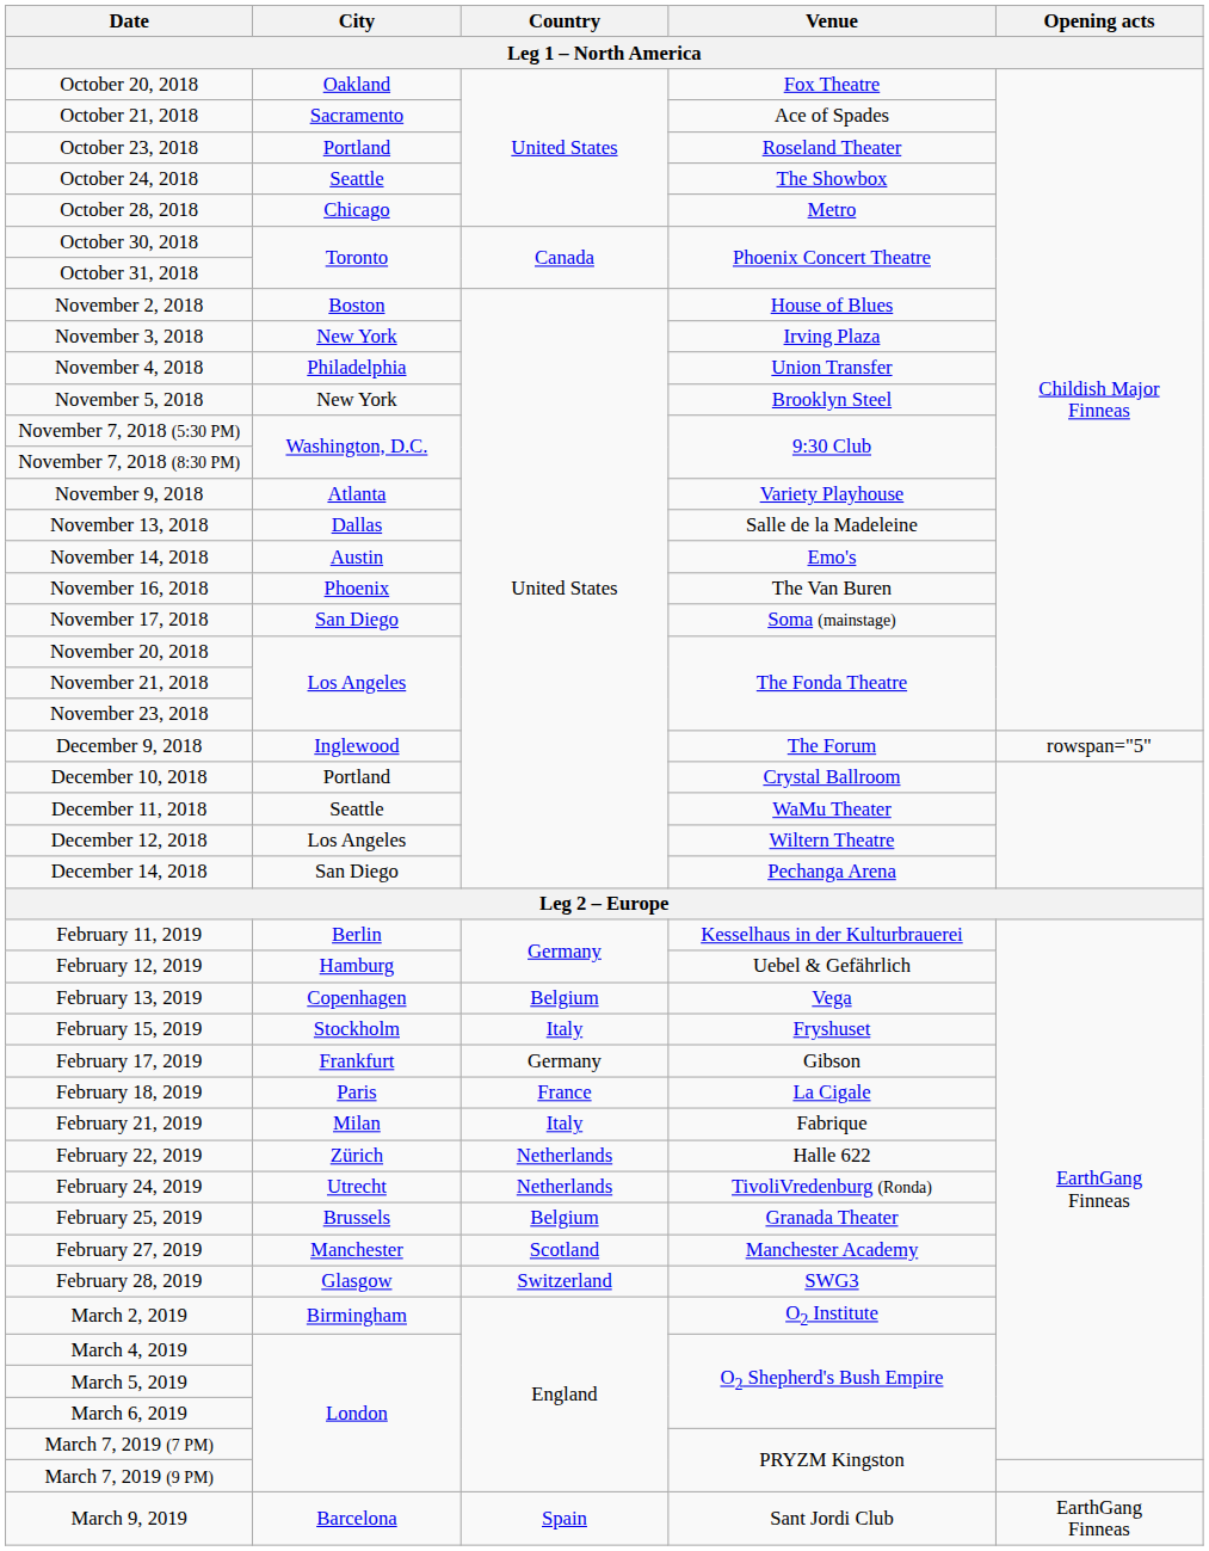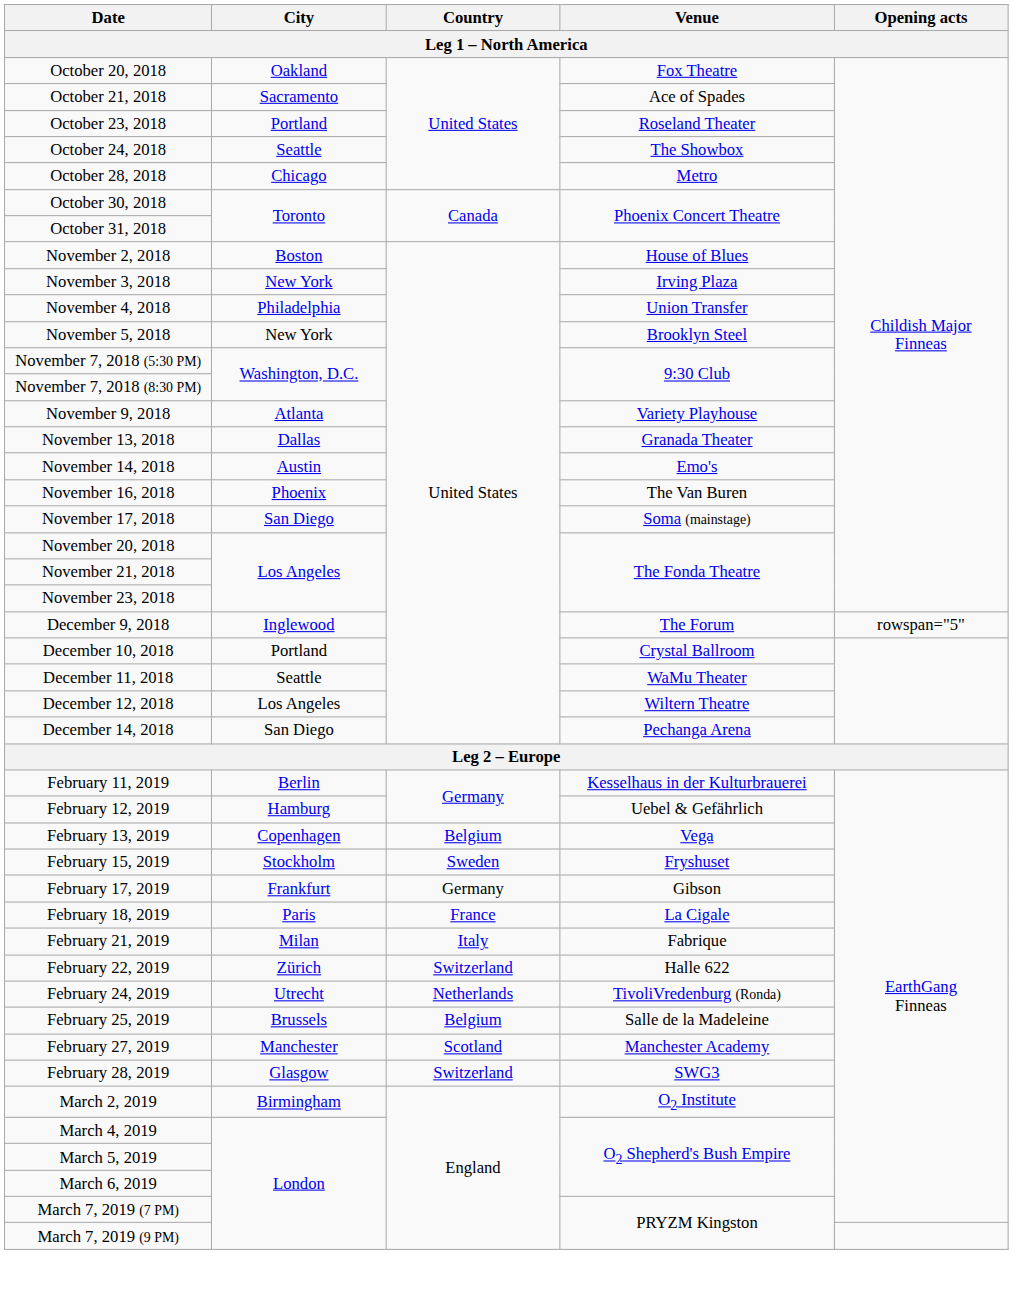 <table class="wikitable plainrowheaders" style="text-align:center;">
 <tr>
 <th scope="col" style="width:12em;">Date</th>
 <th scope="col" style="width:10em;">City</th>
 <th scope="col" style="width:10em;">Country</th>
 <th scope="col" style="width:16em;">Venue</th>
 <th scope="col" style="width:10em;">Opening acts</th>
 </tr>
 <tr>
 <th colspan="5">Leg 1 – North America</th>
 </tr>
 <tr>
 <td>October 20, 2018</td>
 <td><a href='#'>Oakland</a></td>
 <td rowspan="5"><a href='#'>United States</a></td>
 <td><a href='#'>Fox Theatre</a></td>
 <td rowspan="21"><a href='#'>Childish Major</a><br><a href='#'>Finneas</a></td>
 </tr>
 <tr>
 <td>October 21, 2018</td>
 <td><a href='#'>Sacramento</a></td>
 <td>Ace of Spades</td>
 </tr>
 <tr>
 <td>October 23, 2018</td>
 <td><a href='#'>Portland</a></td>
 <td><a href='#'>Roseland Theater</a></td>
 </tr>
 <tr>
 <td>October 24, 2018</td>
 <td><a href='#'>Seattle</a></td>
 <td><a href='#'>The Showbox</a></td>
 </tr>
 <tr>
 <td>October 28, 2018</td>
 <td><a href='#'>Chicago</a></td>
 <td><a href='#'>Metro</a></td>
 </tr>
 <tr>
 <td>October 30, 2018</td>
 <td rowspan="2"><a href='#'>Toronto</a></td>
 <td rowspan="2"><a href='#'>Canada</a></td>
 <td rowspan="2"><a href='#'>Phoenix Concert Theatre</a></td>
 </tr>
 <tr>
 <td>October 31, 2018</td>
 </tr>
 <tr>
 <td>November 2, 2018</td>
 <td><a href='#'>Boston</a></td>
 <td rowspan="19">United States</td>
 <td><a href='#'>House of Blues</a></td>
 </tr>
 <tr>
 <td>November 3, 2018</td>
 <td><a href='#'>New York</a></td>
 <td><a href='#'>Irving Plaza</a></td>
 </tr>
 <tr>
 <td>November 4, 2018</td>
 <td><a href='#'>Philadelphia</a></td>
 <td><a href='#'>Union Transfer</a></td>
 </tr>
 <tr>
 <td>November 5, 2018</td>
 <td>New York</td>
 <td><a href='#'>Brooklyn Steel</a></td>
 </tr>
 <tr>
 <td>November 7, 2018 <small>(5:30 PM)</small></td>
 <td rowspan="2"><a href='#'>Washington, D.C.</a></td>
 <td rowspan="2"><a href='#'>9:30 Club</a></td>
 </tr>
 <tr>
 <td>November 7, 2018 <small>(8:30 PM)</small></td>
 </tr>
 <tr>
 <td>November 9, 2018</td>
 <td><a href='#'>Atlanta</a></td>
 <td><a href='#'>Variety Playhouse</a></td>
 </tr>
 <tr>
 <td>November 13, 2018</td>
 <td><a href='#'>Dallas</a></td>
-<td>Salle de la Madeleine</td>
+<td><a href='#'>Granada Theater</a></td>
 </tr>
 <tr>
 <td>November 14, 2018</td>
 <td><a href='#'>Austin</a></td>
 <td><a href='#'>Emo's</a></td>
 </tr>
 <tr>
 <td>November 16, 2018</td>
 <td><a href='#'>Phoenix</a></td>
 <td>The Van Buren</td>
 </tr>
 <tr>
 <td>November 17, 2018</td>
 <td><a href='#'>San Diego</a></td>
 <td><a href='#'>Soma</a> <small>(mainstage)</small></td>
 </tr>
 <tr>
 <td>November 20, 2018</td>
 <td rowspan="3"><a href='#'>Los Angeles</a></td>
 <td rowspan="3"><a href='#'>The Fonda Theatre</a></td>
 </tr>
 <tr>
 <td>November 21, 2018</td>
 </tr>
 <tr>
 <td>November 23, 2018</td>
 </tr>
 <tr>
 <td>December 9, 2018</td>
 <td><a href='#'>Inglewood</a></td>
 <td><a href='#'>The Forum</a></td>
 <td>rowspan="5" </td>
 </tr>
 <tr>
 <td>December 10, 2018</td>
 <td>Portland</td>
 <td><a href='#'>Crystal Ballroom</a></td>
 </tr>
 <tr>
 <td>December 11, 2018</td>
 <td>Seattle</td>
 <td><a href='#'>WaMu Theater</a></td>
 </tr>
 <tr>
 <td>December 12, 2018</td>
 <td>Los Angeles</td>
 <td><a href='#'>Wiltern Theatre</a></td>
 </tr>
 <tr>
 <td>December 14, 2018</td>
 <td>San Diego</td>
 <td><a href='#'>Pechanga Arena</a></td>
 </tr>
 <tr>
 <th colspan="5">Leg 2 – Europe</th>
 </tr>
 <tr>
 <td>February 11, 2019</td>
 <td><a href='#'>Berlin</a></td>
 <td rowspan="2"><a href='#'>Germany</a></td>
 <td><a href='#'>Kesselhaus in der Kulturbrauerei</a></td>
 <td rowspan="17"><a href='#'>EarthGang</a><br>Finneas</td>
 </tr>
 <tr>
 <td>February 12, 2019</td>
 <td><a href='#'>Hamburg</a></td>
 <td>Uebel & Gefährlich</td>
 </tr>
 <tr>
 <td>February 13, 2019</td>
 <td><a href='#'>Copenhagen</a></td>
 <td><a href='#'>Belgium</a></td>
 <td><a href='#'>Vega</a></td>
 </tr>
 <tr>
 <td>February 15, 2019</td>
 <td><a href='#'>Stockholm</a></td>
-<td><a href='#'>Italy</a></td>
+<td><a href='#'>Sweden</a></td>
 <td><a href='#'>Fryshuset</a></td>
 </tr>
 <tr>
 <td>February 17, 2019</td>
 <td><a href='#'>Frankfurt</a></td>
 <td>Germany</td>
 <td>Gibson</td>
 </tr>
 <tr>
 <td>February 18, 2019</td>
 <td><a href='#'>Paris</a></td>
 <td><a href='#'>France</a></td>
 <td><a href='#'>La Cigale</a></td>
 </tr>
 <tr>
 <td>February 21, 2019</td>
 <td><a href='#'>Milan</a></td>
 <td><a href='#'>Italy</a></td>
 <td>Fabrique</td>
 </tr>
 <tr>
 <td>February 22, 2019</td>
 <td><a href='#'>Zürich</a></td>
-<td><a href='#'>Netherlands</a></td>
+<td><a href='#'>Switzerland</a></td>
 <td>Halle 622</td>
 </tr>
 <tr>
 <td>February 24, 2019</td>
 <td><a href='#'>Utrecht</a></td>
 <td><a href='#'>Netherlands</a></td>
 <td><a href='#'>TivoliVredenburg</a> <small>(Ronda)</small></td>
 </tr>
 <tr>
 <td>February 25, 2019</td>
 <td><a href='#'>Brussels</a></td>
 <td><a href='#'>Belgium</a></td>
-<td><a href='#'>Granada Theater</a></td>
+<td>Salle de la Madeleine</td>
 </tr>
 <tr>
 <td>February 27, 2019</td>
 <td><a href='#'>Manchester</a></td>
 <td><a href='#'>Scotland</a></td>
 <td><a href='#'>Manchester Academy</a></td>
 </tr>
 <tr>
 <td>February 28, 2019</td>
 <td><a href='#'>Glasgow</a></td>
 <td><a href='#'>Switzerland</a></td>
 <td><a href='#'>SWG3</a></td>
 </tr>
 <tr>
 <td>March 2, 2019</td>
 <td><a href='#'>Birmingham</a></td>
 <td rowspan="6">England</td>
 <td><a href='#'>O<sub>2</sub> Institute</a></td>
 </tr>
 <tr>
 <td>March 4, 2019</td>
 <td rowspan="5"><a href='#'>London</a></td>
 <td rowspan="3"><a href='#'>O<sub>2</sub> Shepherd's Bush Empire</a></td>
 </tr>
 <tr>
 <td>March 5, 2019</td>
 </tr>
 <tr>
 <td>March 6, 2019</td>
 </tr>
 <tr>
 <td>March 7, 2019 <small>(7 PM)</small></td>
 <td rowspan="2">PRYZM Kingston</td>
 </tr>
 <tr>
 <td>March 7, 2019 <small>(9 PM)</small></td>
 <td></td>
 </tr>
-<tr>
-<td>March 9, 2019</td>
-<td><a href='#'>Barcelona</a></td>
-<td><a href='#'>Spain</a></td>
-<td>Sant Jordi Club</td>
-<td>EarthGang<br>Finneas</td>
-</tr>
 </table>
